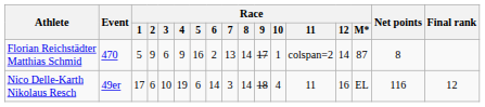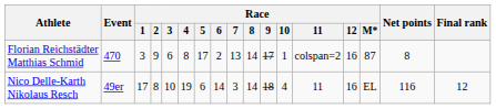 <table class="wikitable" style="font-size:90%">
 <tr>
 <th rowspan="2">Athlete</th>
 <th rowspan="2">Event</th>
 <th colspan=13>Race</th>
 <th rowspan=2>Net points</th>
 <th rowspan=2>Final rank</th>
 </tr>
 <tr style="font-size:95%">
 <th>1</th>
 <th>2</th>
 <th>3</th>
 <th>4</th>
 <th>5</th>
 <th>6</th>
 <th>7</th>
 <th>8</th>
 <th>9</th>
 <th>10</th>
 <th>11</th>
 <th>12</th>
 <th>M*</th>
 </tr>
 <tr align=center>
 <td align=left><a href='#'>Florian Reichstädter</a><br><a href='#'>Matthias Schmid</a></td>
 <td align=left><a href='#'>470</a></td>
-<td>5</td>
+<td>3</td>
 <td>9</td>
 <td>6</td>
-<td>9</td>
-<td>16</td>
+<td>8</td>
+<td>17</td>
 <td>2</td>
 <td>13</td>
 <td>14</td>
 <td><s>17</s></td>
 <td>1</td>
 <td>colspan=2 </td>
-<td>14</td>
+<td>16</td>
 <td>87</td>
 <td>8</td>
 </tr>
 <tr align=center>
 <td align=left><a href='#'>Nico Delle-Karth</a><br><a href='#'>Nikolaus Resch</a></td>
 <td align=left><a href='#'>49er</a></td>
 <td>17</td>
-<td>6</td>
+<td>8</td>
 <td>10</td>
 <td>19</td>
 <td>6</td>
 <td>14</td>
 <td>3</td>
 <td>14</td>
 <td><s>18</s></td>
 <td>4</td>
 <td>11</td>
 <td>16</td>
 <td>EL</td>
 <td>116</td>
 <td>12</td>
 </tr>
 </table>
